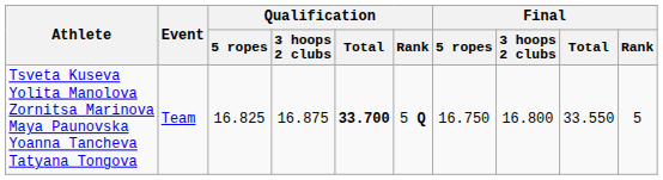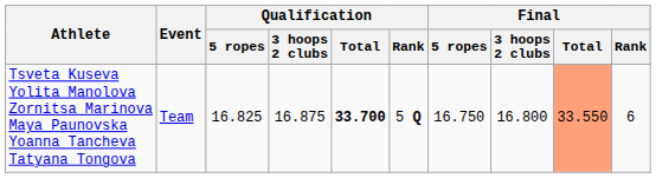 <table class="wikitable" style="font-size:90%">
 <tr>
 <th rowspan="2">Athlete</th>
 <th rowspan="2">Event</th>
 <th colspan="4">Qualification</th>
 <th colspan="4">Final</th>
 </tr>
 <tr style="font-size:95%">
 <th>5 ropes</th>
 <th>3 hoops<br>2 clubs</th>
 <th>Total</th>
 <th>Rank</th>
 <th>5 ropes</th>
 <th>3 hoops<br>2 clubs</th>
 <th>Total</th>
 <th>Rank</th>
 </tr>
 <tr align=center>
 <td align=left><a href='#'>Tsveta Kuseva</a><br><a href='#'>Yolita Manolova</a><br><a href='#'>Zornitsa Marinova</a><br><a href='#'>Maya Paunovska</a><br><a href='#'>Yoanna Tancheva</a><br><a href='#'>Tatyana Tongova</a></td>
 <td align=left><a href='#'>Team</a></td>
 <td>16.825</td>
 <td>16.875</td>
 <td><strong>33.700</strong></td>
 <td>5 <strong>Q</strong></td>
 <td>16.750</td>
 <td>16.800</td>
-<td>33.550</td>
-<td>5</td>
+<td style="background: lightsalmon;">33.550</td>
+<td>6</td>
 </tr>
 </table>
